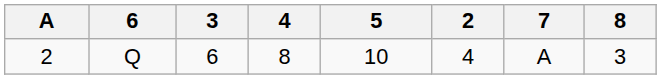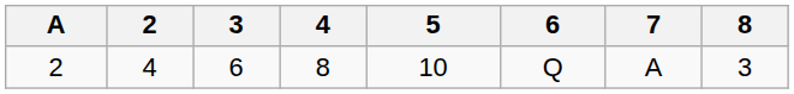 <table class="wikitable" style="text-align:center; width:30em">
 <tr>
 <th>A</th>
-<th>6</th>
+<th>2</th>
 <th>3</th>
 <th>4</th>
 <th>5</th>
-<th>2</th>
+<th>6</th>
 <th>7</th>
 <th>8</th>
 </tr>
 <tr>
 <td>2</td>
-<td>Q</td>
+<td>4</td>
 <td>6</td>
 <td>8</td>
 <td>10</td>
-<td>4</td>
+<td>Q</td>
 <td>A</td>
 <td>3</td>
 </tr>
 </table>
